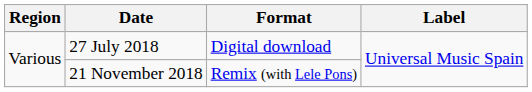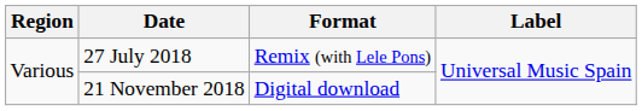 <table class=wikitable>
 <tr>
 <th>Region</th>
 <th>Date</th>
 <th>Format</th>
 <th>Label</th>
 </tr>
 <tr>
 <td rowspan="2">Various</td>
 <td>27 July 2018</td>
-<td><a href='#'>Digital download</a></td>
+<td><a href='#'>Remix</a> <small>(with <a href='#'>Lele Pons</a>)</small></td>
 <td rowspan="2"><a href='#'>Universal Music Spain</a></td>
 </tr>
 <tr>
 <td>21 November 2018</td>
-<td><a href='#'>Remix</a> <small>(with <a href='#'>Lele Pons</a>)</small></td>
+<td><a href='#'>Digital download</a></td>
 </tr>
 </table>
